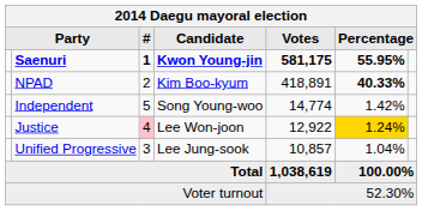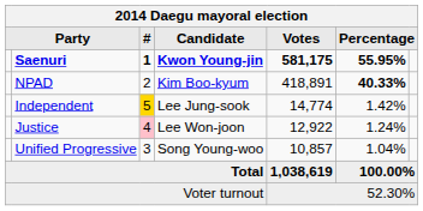 <table class="wikitable">
 <tr>
 <th colspan="7">2014 Daegu mayoral election</th>
 </tr>
 <tr>
 <th style="background-color:#E9E9E9" colspan=2>Party</th>
 <th style="background-color:#E9E9E9">#</th>
 <th style="background-color:#E9E9E9">Candidate</th>
 <th style="background-color:#E9E9E9">Votes</th>
 <th style="background-color:#E9E9E9" colspan=2>Percentage</th>
 </tr>
 <tr style="font-weight:bold">
 <td></td>
 <td align=left><a href='#'>Saenuri</a></td>
 <td align=center>1</td>
 <td align=left><a href='#'>Kwon Young-jin</a></td>
 <td align=right>581,175</td>
 <td align=right>55.95%</td>
 <td align=right></td>
 </tr>
 <tr>
 <td></td>
 <td align=left><a href='#'>NPAD</a></td>
 <td align=center>2</td>
 <td align=left><a href='#'>Kim Boo-kyum</a></td>
 <td align=right>418,891</td>
 <td align=right><strong>40.33%</strong></td>
 <td align=right></td>
 </tr>
 <tr>
 <td></td>
 <td align=left><a href='#'>Independent</a></td>
-<td align=center>5</td>
-<td align=left>Song Young-woo</td>
+<td align=center style="background: gold;">5</td>
+<td align=left>Lee Jung-sook</td>
 <td align=right>14,774</td>
 <td align=right>1.42%</td>
 <td align=right></td>
 </tr>
 <tr>
 <td></td>
 <td align=left><a href='#'>Justice</a></td>
 <td align=center style="background: pink;">4</td>
 <td align=left>Lee Won-joon</td>
 <td align=right>12,922</td>
-<td align=right style="background: gold;">1.24%</td>
+<td align=right>1.24%</td>
 <td align=right></td>
 </tr>
 <tr>
 <td></td>
 <td align=left><a href='#'>Unified Progressive</a></td>
 <td align=center>3</td>
-<td align=left>Lee Jung-sook</td>
+<td align=left>Song Young-woo</td>
 <td align=right>10,857</td>
 <td align=right>1.04%</td>
 <td align=right></td>
 </tr>
 <tr bgcolor="#EEEEEE" style="font-weight:bold">
 <td colspan="4" align=right>Total</td>
 <td align=right>1,038,619</td>
 <td align=right colspan=2>100.00%</td>
 </tr>
 <tr bgcolor="#EEEEEE">
 <td colspan="4" align="right">Voter turnout</td>
 <td colspan="3" align="right">52.30%</td>
 </tr>
 </table>
